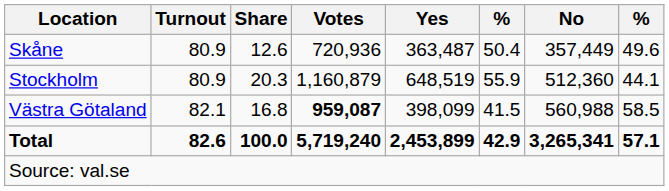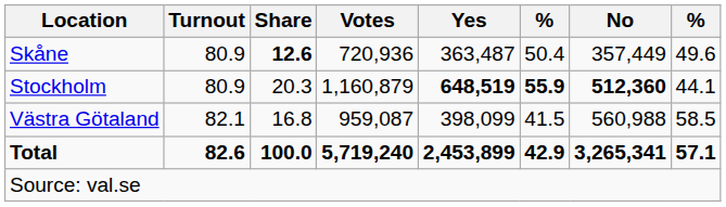 <table class="wikitable sortable" style=text-align:right>
 <tr>
 <th>Location</th>
 <th>Turnout</th>
 <th>Share</th>
 <th>Votes</th>
 <th>Yes</th>
 <th>%</th>
 <th>No</th>
 <th>%</th>
 </tr>
 <tr>
 <td align=left><a href='#'>Skåne</a></td>
 <td>80.9</td>
-<td>12.6</td>
+<td><strong>12.6</strong></td>
 <td>720,936</td>
 <td>363,487</td>
 <td>50.4</td>
 <td>357,449</td>
 <td>49.6</td>
 </tr>
 <tr>
 <td align=left><a href='#'>Stockholm</a></td>
 <td>80.9</td>
 <td>20.3</td>
 <td>1,160,879</td>
-<td>648,519</td>
-<td>55.9</td>
-<td>512,360</td>
+<td><strong>648,519</strong></td>
+<td><strong>55.9</strong></td>
+<td><strong>512,360</strong></td>
 <td>44.1</td>
 </tr>
 <tr>
 <td align=left><a href='#'>Västra Götaland</a></td>
 <td>82.1</td>
 <td>16.8</td>
-<td><strong>959,087</strong></td>
+<td>959,087</td>
 <td>398,099</td>
 <td>41.5</td>
 <td>560,988</td>
 <td>58.5</td>
 </tr>
 <tr>
 <td align=left><strong>Total</strong></td>
 <td><strong>82.6</strong></td>
 <td><strong>100.0</strong></td>
 <td><strong>5,719,240</strong></td>
 <td><strong>2,453,899</strong></td>
 <td><strong>42.9</strong></td>
 <td><strong>3,265,341</strong></td>
 <td><strong>57.1</strong></td>
 </tr>
 <tr>
 <td align=left colspan=8>Source: val.se </td>
 </tr>
 </table>
